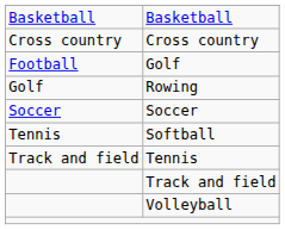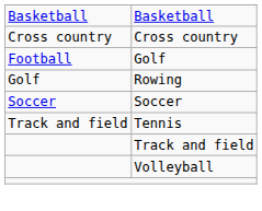 <table class="wikitable" style= " ">
 <tr>
 </tr>
 <tr>
 <td><a href='#'>Basketball</a></td>
 <td><a href='#'>Basketball</a></td>
 </tr>
 <tr>
 <td>Cross country</td>
 <td>Cross country</td>
 </tr>
 <tr>
 <td><a href='#'>Football</a></td>
 <td>Golf</td>
 </tr>
 <tr>
 <td>Golf</td>
 <td>Rowing</td>
 </tr>
 <tr>
 <td><a href='#'>Soccer</a></td>
 <td>Soccer</td>
 </tr>
 <tr>
-<td>Tennis</td>
-<td>Softball</td>
-</tr>
-<tr>
 <td>Track and field</td>
 <td>Tennis</td>
 </tr>
 <tr>
 <td></td>
 <td>Track and field</td>
 </tr>
 <tr>
 <td></td>
 <td>Volleyball</td>
 </tr>
 <tr>
 <td colspan="2"></td>
 </tr>
 </table>
